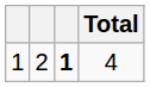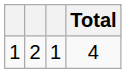 <table class="wikitable">
 <tr>
 <th></th>
 <th></th>
 <th></th>
 <th>Total</th>
 </tr>
 <tr style="text-align:center;">
 <td>1</td>
 <td>2</td>
-<td><strong>1</strong></td>
+<td>1</td>
 <td>4</td>
 </tr>
 </table>
